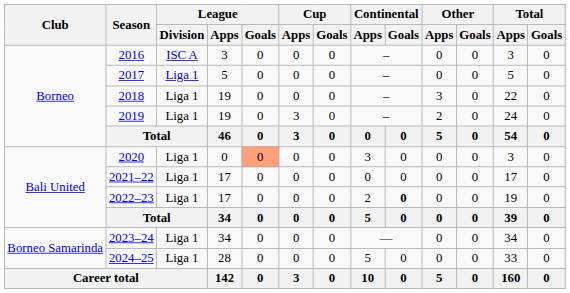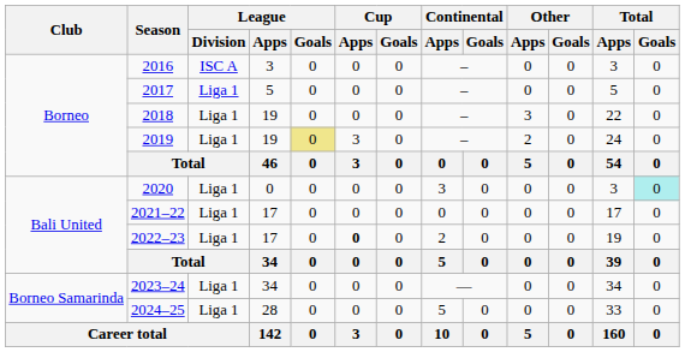 <table class="wikitable" style="text-align:center">
 <tr>
 <th rowspan="2">Club</th>
 <th rowspan="2">Season</th>
 <th colspan="3">League</th>
 <th colspan="2">Cup</th>
 <th colspan="2">Continental</th>
 <th colspan="2">Other</th>
 <th colspan="2">Total</th>
 </tr>
 <tr>
 <th>Division</th>
 <th>Apps</th>
 <th>Goals</th>
 <th>Apps</th>
 <th>Goals</th>
 <th>Apps</th>
 <th>Goals</th>
 <th>Apps</th>
 <th>Goals</th>
 <th>Apps</th>
 <th>Goals</th>
 </tr>
 <tr>
 <td rowspan="5" valign="center"><a href='#'>Borneo</a></td>
 <td><a href='#'>2016</a></td>
 <td><a href='#'>ISC A</a></td>
 <td>3</td>
 <td>0</td>
 <td>0</td>
 <td>0</td>
 <td colspan="2">–</td>
 <td>0</td>
 <td>0</td>
 <td>3</td>
 <td>0</td>
 </tr>
 <tr>
 <td><a href='#'>2017</a></td>
 <td rowspan="1" valign="center"><a href='#'>Liga 1</a></td>
 <td>5</td>
 <td>0</td>
 <td>0</td>
 <td>0</td>
 <td colspan="2">–</td>
 <td>0</td>
 <td>0</td>
 <td>5</td>
 <td>0</td>
 </tr>
 <tr>
 <td><a href='#'>2018</a></td>
 <td rowspan="1" valign="center">Liga 1</td>
 <td>19</td>
 <td>0</td>
 <td>0</td>
 <td>0</td>
 <td colspan="2">–</td>
 <td>3</td>
 <td>0</td>
 <td>22</td>
 <td>0</td>
 </tr>
 <tr>
 <td><a href='#'>2019</a></td>
 <td rowspan="1" valign="center">Liga 1</td>
 <td>19</td>
-<td>0</td>
+<td style="background: khaki;">0</td>
 <td>3</td>
 <td>0</td>
 <td colspan="2">–</td>
 <td>2</td>
 <td>0</td>
 <td>24</td>
 <td>0</td>
 </tr>
 <tr>
 <th colspan="2">Total</th>
 <th>46</th>
 <th>0</th>
 <th>3</th>
 <th>0</th>
 <th>0</th>
 <th>0</th>
 <th>5</th>
 <th>0</th>
 <th>54</th>
 <th>0</th>
 </tr>
 <tr>
 <td rowspan="4" valign="center"><a href='#'>Bali United</a></td>
 <td><a href='#'>2020</a></td>
 <td rowspan="1" valign="center">Liga 1</td>
 <td>0</td>
-<td style="background: lightsalmon;">0</td>
+<td>0</td>
 <td>0</td>
 <td>0</td>
 <td>3</td>
 <td>0</td>
 <td>0</td>
 <td>0</td>
 <td>3</td>
-<td>0</td>
+<td style="background: paleturquoise;">0</td>
 </tr>
 <tr>
 <td><a href='#'>2021–22</a></td>
 <td rowspan="1" valign="center">Liga 1</td>
 <td>17</td>
 <td>0</td>
 <td>0</td>
 <td>0</td>
 <td>0</td>
 <td>0</td>
 <td>0</td>
 <td>0</td>
 <td>17</td>
 <td>0</td>
 </tr>
 <tr>
 <td><a href='#'>2022–23</a></td>
 <td rowspan="1" valign="center">Liga 1</td>
 <td>17</td>
 <td>0</td>
-<td>0</td>
+<td><strong>0</strong></td>
 <td>0</td>
 <td>2</td>
-<td><strong>0</strong></td>
+<td>0</td>
 <td>0</td>
 <td>0</td>
 <td>19</td>
 <td>0</td>
 </tr>
 <tr>
 <th colspan=2>Total</th>
 <th>34</th>
 <th>0</th>
 <th>0</th>
 <th>0</th>
 <th>5</th>
 <th>0</th>
 <th>0</th>
 <th>0</th>
 <th>39</th>
 <th>0</th>
 </tr>
 <tr>
 <td rowspan="2"><a href='#'>Borneo Samarinda</a></td>
 <td><a href='#'>2023–24</a></td>
 <td rowspan="1" valign="center">Liga 1</td>
 <td>34</td>
 <td>0</td>
 <td>0</td>
 <td>0</td>
 <td colspan="2">—</td>
 <td>0</td>
 <td>0</td>
 <td>34</td>
 <td>0</td>
 </tr>
 <tr>
 <td><a href='#'>2024–25</a></td>
 <td rowspan="1" valign="center">Liga 1</td>
 <td>28</td>
 <td>0</td>
 <td>0</td>
 <td>0</td>
 <td>5</td>
 <td>0</td>
 <td>0</td>
 <td>0</td>
 <td>33</td>
 <td>0</td>
 </tr>
 <tr>
 <th colspan="3">Career total</th>
 <th>142</th>
 <th>0</th>
 <th>3</th>
 <th>0</th>
 <th>10</th>
 <th>0</th>
 <th>5</th>
 <th>0</th>
 <th>160</th>
 <th>0</th>
 </tr>
 </table>
